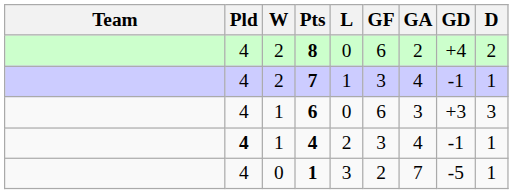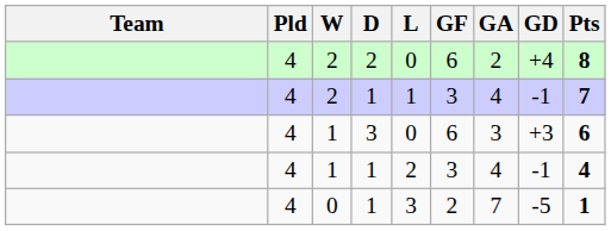 <table class="wikitable" style="text-align: center;">
 <tr>
 <th width=175>Team</th>
 <th width=20 abbr="Played">Pld</th>
 <th width=20 abbr="Won">W</th>
-<th width=20 abbr="Points">Pts</th>
+<th width=20 abbr="Drawn">D</th>
 <th width=20 abbr="Lost">L</th>
 <th width=20 abbr="Goals for">GF</th>
 <th width=20 abbr="Goals against">GA</th>
 <th width=20 abbr="Goal difference">GD</th>
-<th width=20 abbr="Drawn">D</th>
+<th width=20 abbr="Points">Pts</th>
 </tr>
 <tr bgcolor=#ccffcc>
 <td align=left></td>
 <td>4</td>
 <td>2</td>
-<td><strong>8</strong></td>
+<td>2</td>
 <td>0</td>
 <td>6</td>
 <td>2</td>
 <td>+4</td>
-<td>2</td>
+<td><strong>8</strong></td>
 </tr>
 <tr bgcolor=#ccccff>
 <td align=left></td>
 <td>4</td>
 <td>2</td>
-<td><strong>7</strong></td>
+<td>1</td>
 <td>1</td>
 <td>3</td>
 <td>4</td>
 <td>-1</td>
-<td>1</td>
+<td><strong>7</strong></td>
 </tr>
 <tr>
 <td align=left></td>
 <td>4</td>
 <td>1</td>
-<td><strong>6</strong></td>
+<td>3</td>
 <td>0</td>
 <td>6</td>
 <td>3</td>
 <td>+3</td>
-<td>3</td>
+<td><strong>6</strong></td>
 </tr>
 <tr>
 <td align=left></td>
-<td><strong>4</strong></td>
+<td>4</td>
 <td>1</td>
-<td><strong>4</strong></td>
+<td>1</td>
 <td>2</td>
 <td>3</td>
 <td>4</td>
 <td>-1</td>
-<td>1</td>
+<td><strong>4</strong></td>
 </tr>
 <tr>
 <td align=left></td>
 <td>4</td>
 <td>0</td>
-<td><strong>1</strong></td>
+<td>1</td>
 <td>3</td>
 <td>2</td>
 <td>7</td>
 <td>-5</td>
-<td>1</td>
+<td><strong>1</strong></td>
 </tr>
 </table>
